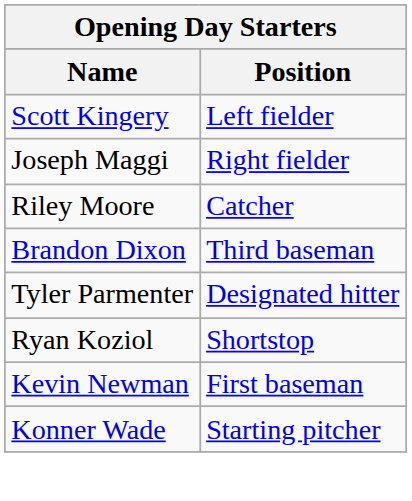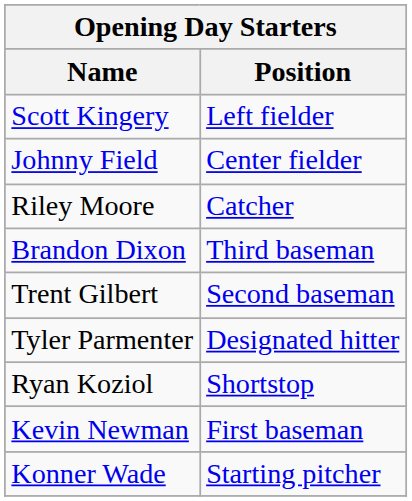 <table class="wikitable" style="text-align:left">
 <tr>
 <th colspan="2">Opening Day Starters</th>
 </tr>
 <tr>
 <th>Name</th>
 <th>Position</th>
 </tr>
 <tr>
 <td><a href='#'>Scott Kingery</a></td>
 <td><a href='#'>Left fielder</a></td>
 </tr>
 <tr>
-<td>Joseph Maggi</td>
-<td><a href='#'>Right fielder</a></td>
+<td><a href='#'>Johnny Field</a></td>
+<td><a href='#'>Center fielder</a></td>
 </tr>
 <tr>
 <td>Riley Moore</td>
 <td><a href='#'>Catcher</a></td>
 </tr>
 <tr>
 <td><a href='#'>Brandon Dixon</a></td>
 <td><a href='#'>Third baseman</a></td>
+</tr>
+<tr>
+<td>Trent Gilbert</td>
+<td><a href='#'>Second baseman</a></td>
 </tr>
 <tr>
 <td>Tyler Parmenter</td>
 <td><a href='#'>Designated hitter</a></td>
 </tr>
 <tr>
 <td>Ryan Koziol</td>
 <td><a href='#'>Shortstop</a></td>
 </tr>
 <tr>
 <td><a href='#'>Kevin Newman</a></td>
 <td><a href='#'>First baseman</a></td>
 </tr>
 <tr>
 <td><a href='#'>Konner Wade</a></td>
 <td><a href='#'>Starting pitcher</a></td>
 </tr>
 </table>
